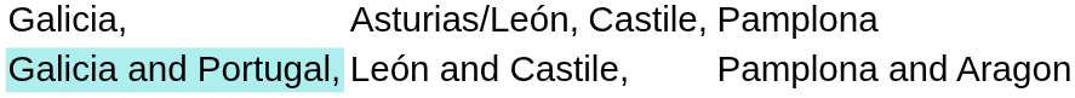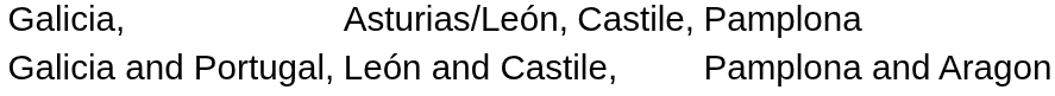 <table>
 <tr>
 <td> Galicia,</td>
 <td> Asturias/León,</td>
 <td> Castile,</td>
 <td> Pamplona</td>
 </tr>
 <tr>
-<td style="background: paleturquoise;"> Galicia and Portugal,</td>
+<td> Galicia and Portugal,</td>
 <td colspan=2> León and Castile,</td>
 <td> Pamplona and Aragon</td>
 </tr>
 </table>
